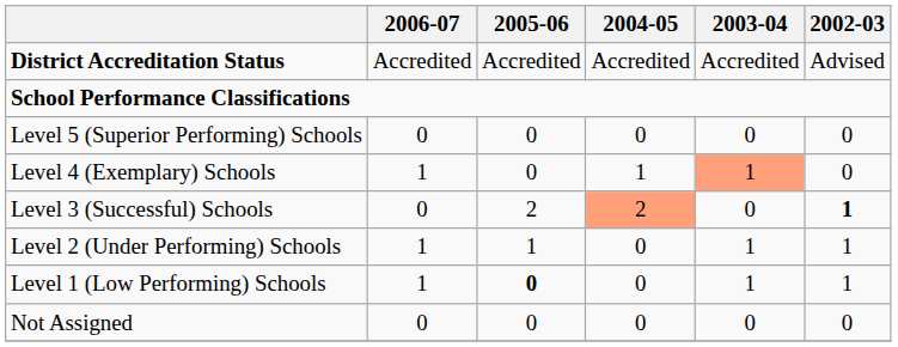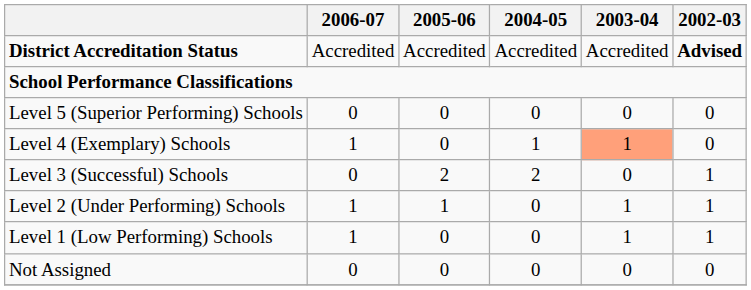 <table class="wikitable" style="font-size: 95%;">
 <tr>
 <th></th>
 <th>2006-07</th>
 <th>2005-06</th>
 <th>2004-05</th>
 <th>2003-04</th>
 <th>2002-03</th>
 </tr>
 <tr>
 <td align="left"><strong>District Accreditation Status</strong></td>
 <td align="center">Accredited</td>
 <td align="center">Accredited</td>
 <td align="center">Accredited</td>
 <td align="center">Accredited</td>
-<td align="center">Advised</td>
+<td align="center"><strong>Advised</strong></td>
 </tr>
 <tr>
 <td align="left" colspan="6"><strong>School Performance Classifications</strong></td>
 </tr>
 <tr>
 <td align="left">Level 5 (Superior Performing) Schools</td>
 <td align="center">0</td>
 <td align="center">0</td>
 <td align="center">0</td>
 <td align="center">0</td>
 <td align="center">0</td>
 </tr>
 <tr>
 <td align="left">Level 4 (Exemplary) Schools</td>
 <td align="center">1</td>
 <td align="center">0</td>
 <td align="center">1</td>
 <td align="center" style="background: lightsalmon;">1</td>
 <td align="center">0</td>
 </tr>
 <tr>
 <td align="left">Level 3 (Successful) Schools</td>
 <td align="center">0</td>
 <td align="center">2</td>
-<td align="center" style="background: lightsalmon;">2</td>
+<td align="center">2</td>
 <td align="center">0</td>
-<td align="center"><strong>1</strong></td>
+<td align="center">1</td>
 </tr>
 <tr>
 <td align="left">Level 2 (Under Performing) Schools</td>
 <td align="center">1</td>
 <td align="center">1</td>
 <td align="center">0</td>
 <td align="center">1</td>
 <td align="center">1</td>
 </tr>
 <tr>
 <td align="left">Level 1 (Low Performing) Schools</td>
 <td align="center">1</td>
-<td align="center"><strong>0</strong></td>
+<td align="center">0</td>
 <td align="center">0</td>
 <td align="center">1</td>
 <td align="center">1</td>
 </tr>
 <tr>
 <td align="left">Not Assigned</td>
 <td align="center">0</td>
 <td align="center">0</td>
 <td align="center">0</td>
 <td align="center">0</td>
 <td align="center">0</td>
 </tr>
 <tr>
 </tr>
 </table>
